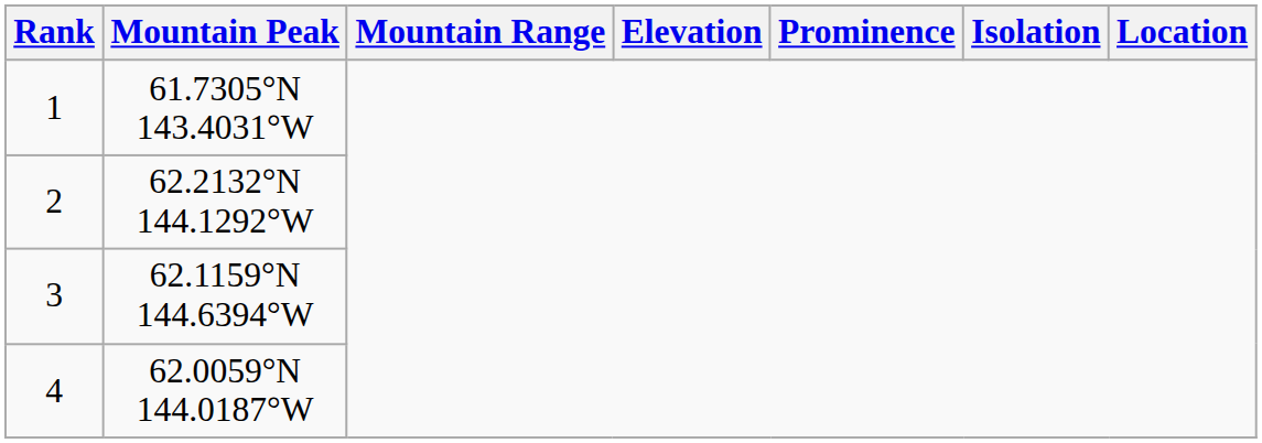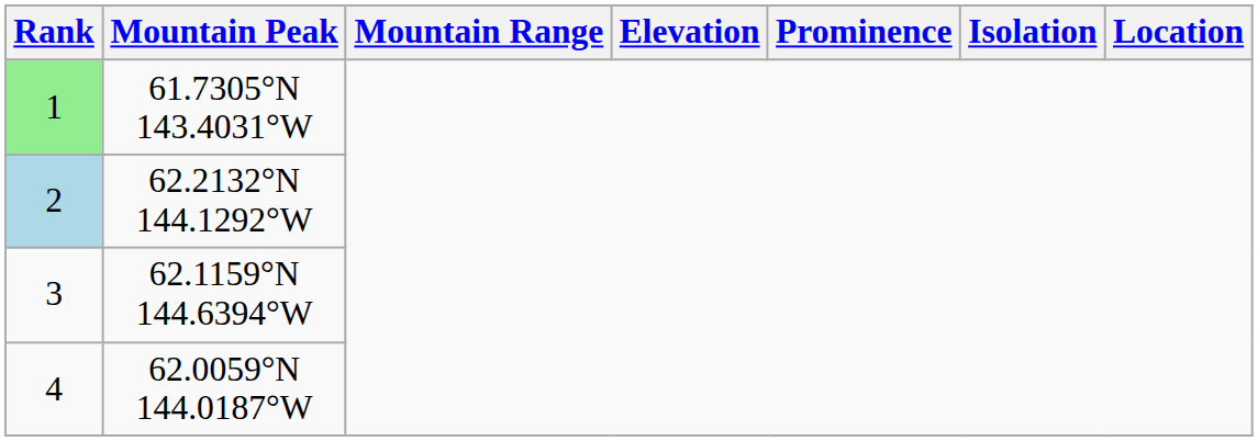 <table class="wikitable sortable">
 <tr>
 <th><a href='#'>Rank</a></th>
 <th><a href='#'>Mountain Peak</a></th>
 <th><a href='#'>Mountain Range</a></th>
 <th><a href='#'>Elevation</a></th>
 <th><a href='#'>Prominence</a></th>
 <th><a href='#'>Isolation</a></th>
 <th><a href='#'>Location</a></th>
 </tr>
 <tr>
-<td align=center>1<br>  </td>
+<td align=center style="background: lightgreen;">1<br>  </td>
 <td align=center>61.7305°N<br>143.4031°W</td>
 </tr>
 <tr>
-<td align=center>2<br>  </td>
+<td align=center style="background: lightblue;">2<br>  </td>
 <td align=center>62.2132°N<br>144.1292°W</td>
 </tr>
 <tr>
 <td align=center>3<br>  </td>
 <td align=center>62.1159°N<br>144.6394°W</td>
 </tr>
 <tr>
 <td align=center>4<br>  </td>
 <td align=center>62.0059°N<br>144.0187°W</td>
 </tr>
 </table>
